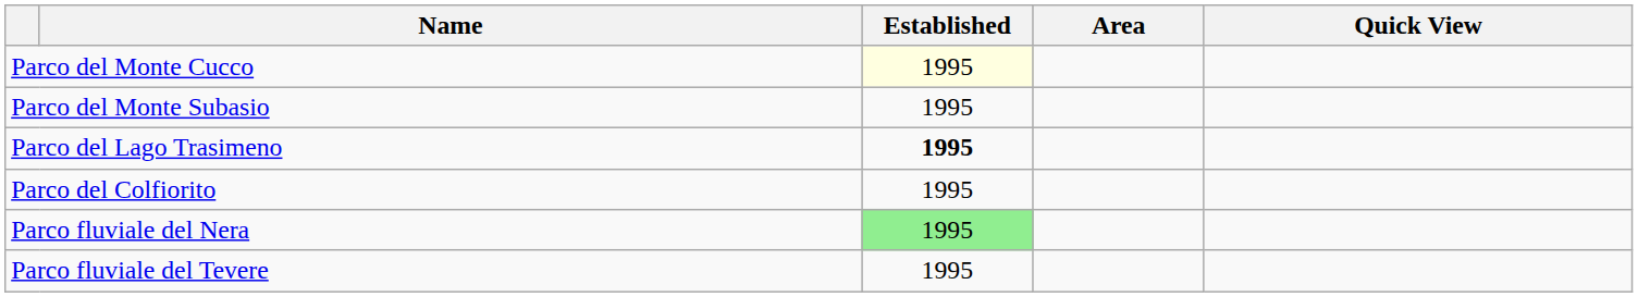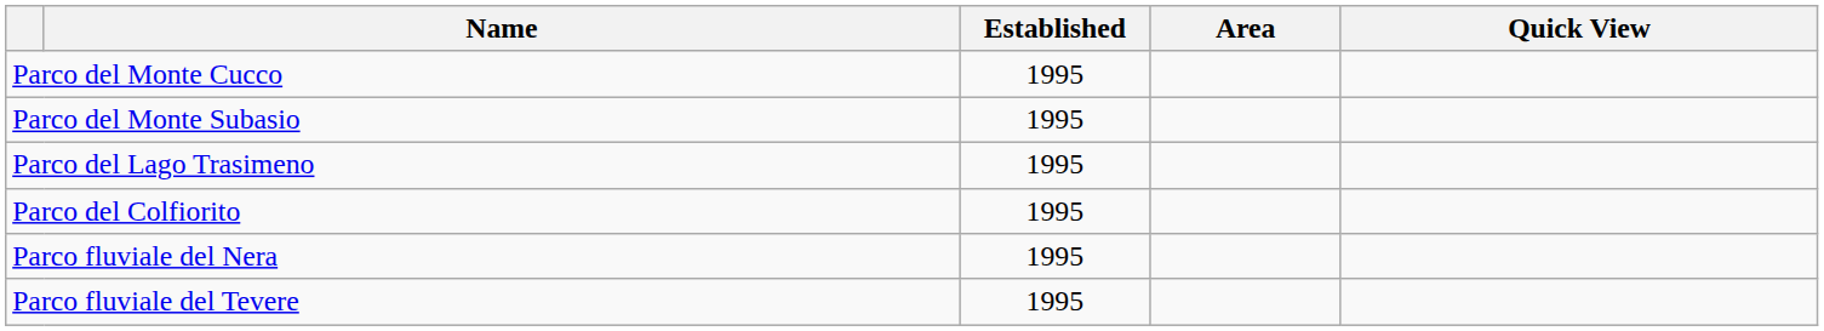 <table class="wikitable sortable" border="1" width="80%">
 <tr>
 <th style="width:2%" class="unsortable"></th>
 <th style="width:48%">Name</th>
 <th style="width:10%">Established</th>
 <th style="width:10%">Area</th>
 <th style="width:25%" class="unsortable">Quick View</th>
 </tr>
 <tr>
 <td colspan="2"><a href='#'>Parco del Monte Cucco</a></td>
-<td align="center" style="background: lightyellow;">1995</td>
+<td align="center">1995</td>
 <td align="center"></td>
 <td></td>
 </tr>
 <tr>
 <td colspan="2"><a href='#'>Parco del Monte Subasio</a></td>
 <td align="center">1995</td>
 <td align="center"></td>
 <td></td>
 </tr>
 <tr>
 <td colspan="2"><a href='#'>Parco del Lago Trasimeno</a></td>
-<td align="center"><strong>1995</strong></td>
+<td align="center">1995</td>
 <td align="center"></td>
 <td></td>
 </tr>
 <tr>
 <td colspan="2"><a href='#'>Parco del Colfiorito</a></td>
 <td align="center">1995</td>
 <td align="center"></td>
 <td></td>
 </tr>
 <tr>
 <td colspan="2"><a href='#'>Parco fluviale del Nera</a></td>
-<td align="center" style="background: lightgreen;">1995</td>
+<td align="center">1995</td>
 <td align="center"></td>
 <td></td>
 </tr>
 <tr>
 <td colspan="2"><a href='#'>Parco fluviale del Tevere</a></td>
 <td align="center">1995</td>
 <td align="center"></td>
 <td></td>
 </tr>
 </table>
